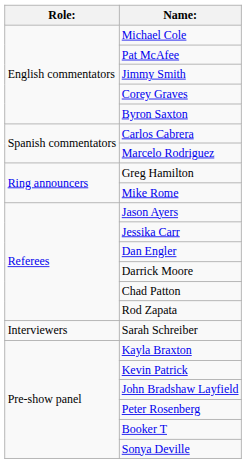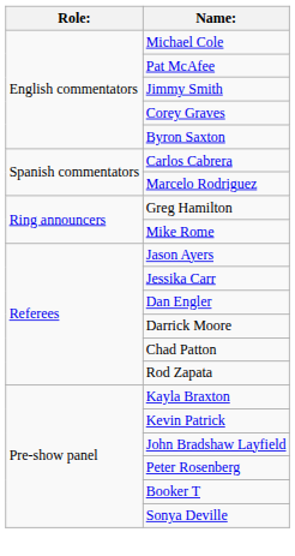 <table class=wikitable style="font-size:90%; margin: 0.5em 0 0.5em 1em; float: right; clear: right;">
 <tr>
 <th>Role:</th>
 <th>Name:</th>
 </tr>
 <tr>
 <td rowspan=5>English commentators</td>
 <td><a href='#'>Michael Cole</a> </td>
 </tr>
 <tr>
 <td><a href='#'>Pat McAfee</a> </td>
 </tr>
 <tr>
 <td><a href='#'>Jimmy Smith</a> </td>
 </tr>
 <tr>
 <td><a href='#'>Corey Graves</a> </td>
 </tr>
 <tr>
 <td><a href='#'>Byron Saxton</a> </td>
 </tr>
 <tr>
 <td rowspan=2>Spanish commentators</td>
 <td><a href='#'>Carlos Cabrera</a></td>
 </tr>
 <tr>
 <td><a href='#'>Marcelo Rodriguez</a></td>
 </tr>
 <tr>
 <td rowspan=2><a href='#'>Ring announcers</a></td>
 <td>Greg Hamilton </td>
 </tr>
 <tr>
 <td><a href='#'>Mike Rome</a> </td>
 </tr>
 <tr>
 <td rowspan=6><a href='#'>Referees</a></td>
 <td><a href='#'>Jason Ayers</a></td>
 </tr>
 <tr>
 <td><a href='#'>Jessika Carr</a></td>
 </tr>
 <tr>
 <td><a href='#'>Dan Engler</a></td>
 </tr>
 <tr>
 <td>Darrick Moore</td>
 </tr>
 <tr>
 <td>Chad Patton</td>
 </tr>
 <tr>
 <td>Rod Zapata</td>
 </tr>
 <tr>
-<td>Interviewers</td>
-<td>Sarah Schreiber</td>
-</tr>
-<tr>
 <td rowspan="6">Pre-show panel</td>
 <td><a href='#'>Kayla Braxton</a></td>
 </tr>
 <tr>
 <td><a href='#'>Kevin Patrick</a></td>
 </tr>
 <tr>
 <td><a href='#'>John Bradshaw Layfield</a></td>
 </tr>
 <tr>
 <td><a href='#'>Peter Rosenberg</a></td>
 </tr>
 <tr>
 <td><a href='#'>Booker T</a></td>
 </tr>
 <tr>
 <td><a href='#'>Sonya Deville</a></td>
 </tr>
 </table>
